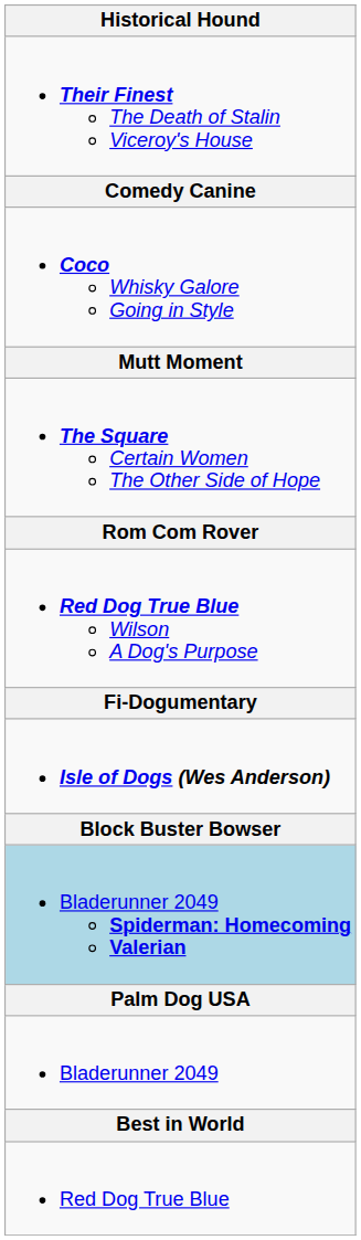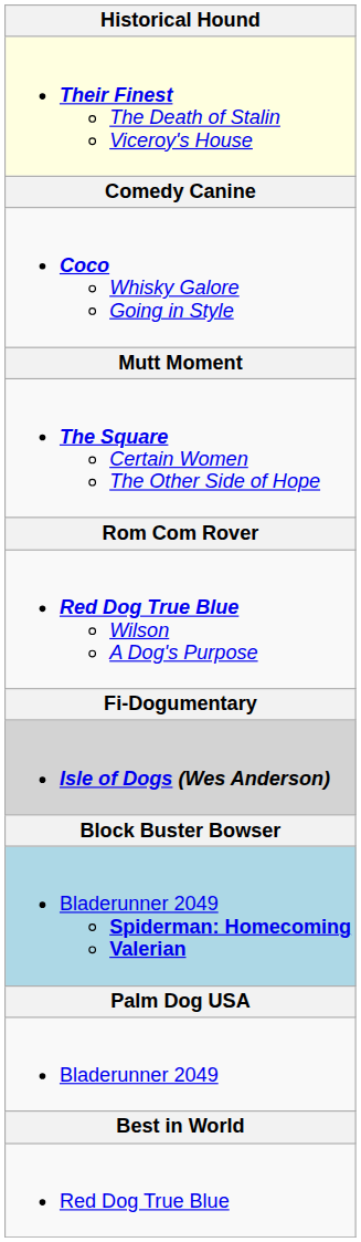 <table class="wikitable">
 <tr>
 <th><strong>Historical Hound</strong></th>
 </tr>
 <tr>
-<td><br><ul><li><strong><em><a href='#'>Their Finest</a></em></strong><ul><li><em><a href='#'>The Death of Stalin</a></em></li><li><a href='#'><em>Viceroy's House</em></a></li></ul></li></ul></td>
+<td style="background: lightyellow;"><br><ul><li><strong><em><a href='#'>Their Finest</a></em></strong><ul><li><em><a href='#'>The Death of Stalin</a></em></li><li><a href='#'><em>Viceroy's House</em></a></li></ul></li></ul></td>
 </tr>
 <tr>
 <th>Comedy Canine</th>
 </tr>
 <tr>
 <td><br><ul><li><strong><a href='#'><em>Coco</em></a></strong><ul><li><a href='#'><em>Whisky Galore</em></a></li><li><a href='#'><em>Going in Style</em></a></li></ul></li></ul></td>
 </tr>
 <tr>
 <th>Mutt Moment</th>
 </tr>
 <tr>
 <td><br><ul><li><strong><a href='#'><em>The Square</em></a></strong><ul><li><a href='#'><em>Certain Women</em></a></li><li><em><a href='#'>The Other Side of Hope</a></em></li></ul></li></ul></td>
 </tr>
 <tr>
 <th>Rom Com Rover</th>
 </tr>
 <tr>
 <td><br><ul><li><strong><a href='#'><em>Red Dog True Blue</em></a></strong><ul><li><a href='#'><em>Wilson</em></a></li><li><a href='#'><em>A Dog's Purpose</em></a></li></ul></li></ul></td>
 </tr>
 <tr>
 <th>Fi-Dogumentary</th>
 </tr>
 <tr>
-<td><br><ul><li><strong><em><a href='#'>Isle of Dogs</a><strong> (Wes Anderson)<em></li></ul></td>
+<td style="background: lightgrey;"><br><ul><li><strong><em><a href='#'>Isle of Dogs</a><strong> (Wes Anderson)<em></li></ul></td>
 </tr>
 <tr>
 <th>Block Buster Bowser</th>
 </tr>
 <tr>
 <td style="background: lightblue;"><br><ul><li></strong><a href='#'></em>Bladerunner 2049<em></a><strong><ul><li><a href='#'></em>Spiderman: Homecoming<em></a></li><li><a href='#'></em>Valerian<em></a></li></ul></li></ul></td>
 </tr>
 <tr>
 <th>Palm Dog USA</th>
 </tr>
 <tr>
 <td><br><ul><li></strong><a href='#'></em>Bladerunner 2049<em></a><strong></li></ul></td>
 </tr>
 <tr>
 <th>Best in World</th>
 </tr>
 <tr>
 <td><br><ul><li></strong><a href='#'></em>Red Dog True Blue<em></a><strong></li></ul></td>
 </tr>
 </table>
